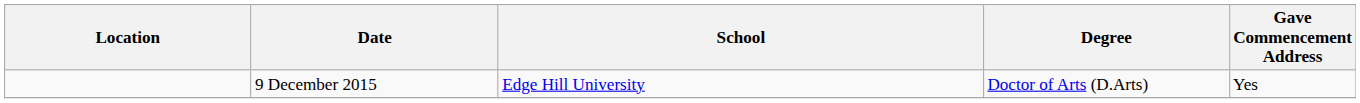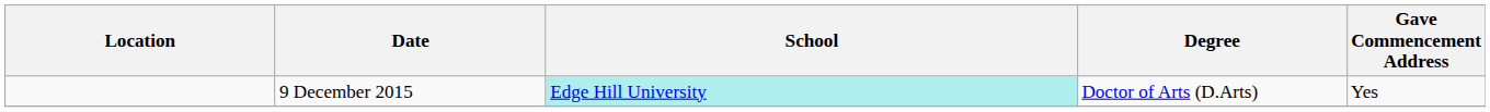 <table class="wikitable" style="width:100%;">
 <tr>
 <th style="width:20%;">Location</th>
 <th style="width:20%;">Date</th>
 <th style="width:40%;">School</th>
 <th style="width:20%;">Degree</th>
 <th style="width:20%;">Gave Commencement Address</th>
 </tr>
 <tr>
 <td></td>
 <td>9 December 2015</td>
-<td><a href='#'>Edge Hill University</a></td>
+<td style="background: paleturquoise;"><a href='#'>Edge Hill University</a></td>
 <td><a href='#'>Doctor of Arts</a> (D.Arts)</td>
 <td>Yes</td>
 </tr>
 <tr>
 </tr>
 </table>
